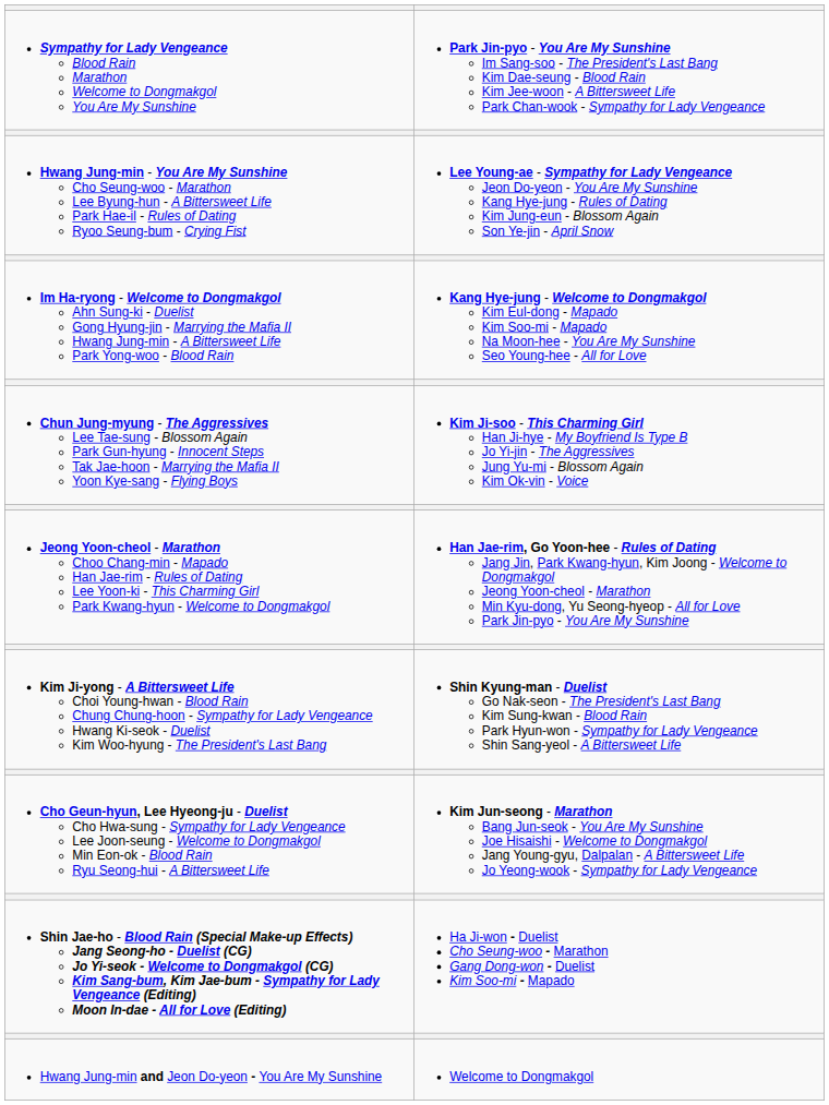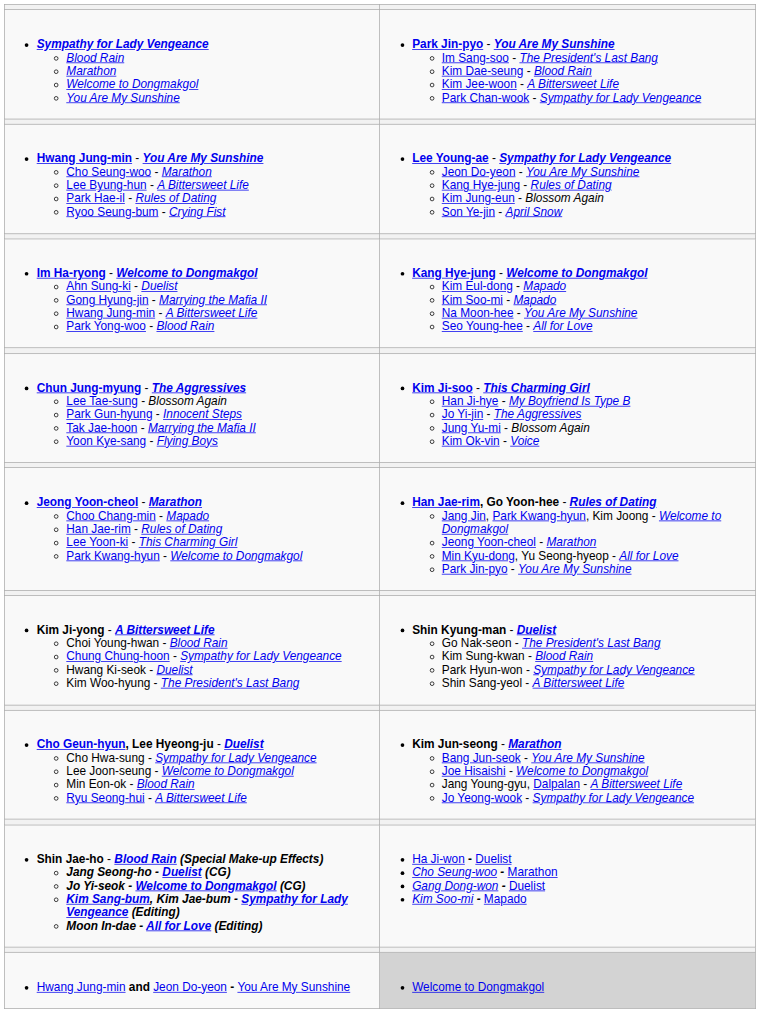 <table class=wikitable>
 <tr>
 <th style="width:500px;"></th>
 <th style="width:500px;"></th>
 </tr>
 <tr>
 <td valign="top"><br><ul><li><strong><em><a href='#'>Sympathy for Lady Vengeance</a></em></strong><ul><li><em><a href='#'>Blood Rain</a></em></li><li><em><a href='#'>Marathon</a></em></li><li><em><a href='#'>Welcome to Dongmakgol</a></em></li><li><em><a href='#'>You Are My Sunshine</a></em></li></ul></li></ul></td>
 <td valign="top"><br><ul><li><strong><a href='#'>Park Jin-pyo</a></strong> - <strong><em><a href='#'>You Are My Sunshine</a></em></strong><ul><li><a href='#'>Im Sang-soo</a> - <em><a href='#'>The President's Last Bang</a></em></li><li><a href='#'>Kim Dae-seung</a> - <em><a href='#'>Blood Rain</a></em></li><li><a href='#'>Kim Jee-woon</a> - <em><a href='#'>A Bittersweet Life</a></em></li><li><a href='#'>Park Chan-wook</a> - <em><a href='#'>Sympathy for Lady Vengeance</a></em></li></ul></li></ul></td>
 </tr>
 <tr>
 <th></th>
 <th></th>
 </tr>
 <tr>
 <td valign="top"><br><ul><li><strong><a href='#'>Hwang Jung-min</a></strong> - <strong><em><a href='#'>You Are My Sunshine</a></em></strong><ul><li><a href='#'>Cho Seung-woo</a> - <em><a href='#'>Marathon</a></em></li><li><a href='#'>Lee Byung-hun</a> - <em><a href='#'>A Bittersweet Life</a></em></li><li><a href='#'>Park Hae-il</a> - <em><a href='#'>Rules of Dating</a></em></li><li><a href='#'>Ryoo Seung-bum</a> - <em><a href='#'>Crying Fist</a></em></li></ul></li></ul></td>
 <td valign="top"><br><ul><li><strong><a href='#'>Lee Young-ae</a></strong> - <strong><em><a href='#'>Sympathy for Lady Vengeance</a></em></strong><ul><li><a href='#'>Jeon Do-yeon</a> - <em><a href='#'>You Are My Sunshine</a></em></li><li><a href='#'>Kang Hye-jung</a> - <em><a href='#'>Rules of Dating</a></em></li><li><a href='#'>Kim Jung-eun</a> - <em>Blossom Again</em></li><li><a href='#'>Son Ye-jin</a> - <em><a href='#'>April Snow</a></em></li></ul></li></ul></td>
 </tr>
 <tr>
 <th></th>
 <th></th>
 </tr>
 <tr>
 <td valign="top"><br><ul><li><strong><a href='#'>Im Ha-ryong</a></strong> - <strong><em><a href='#'>Welcome to Dongmakgol</a></em></strong><ul><li><a href='#'>Ahn Sung-ki</a> - <em><a href='#'>Duelist</a></em></li><li><a href='#'>Gong Hyung-jin</a> - <em><a href='#'>Marrying the Mafia II</a></em></li><li><a href='#'>Hwang Jung-min</a> - <em><a href='#'>A Bittersweet Life</a></em></li><li><a href='#'>Park Yong-woo</a> - <em><a href='#'>Blood Rain</a></em></li></ul></li></ul></td>
 <td valign="top"><br><ul><li><strong><a href='#'>Kang Hye-jung</a></strong> - <strong><em><a href='#'>Welcome to Dongmakgol</a></em></strong><ul><li><a href='#'>Kim Eul-dong</a> - <em><a href='#'>Mapado</a></em></li><li><a href='#'>Kim Soo-mi</a> - <em><a href='#'>Mapado</a></em></li><li><a href='#'>Na Moon-hee</a> - <em><a href='#'>You Are My Sunshine</a></em></li><li><a href='#'>Seo Young-hee</a> - <em><a href='#'>All for Love</a></em></li></ul></li></ul></td>
 </tr>
 <tr>
 <th></th>
 <th></th>
 </tr>
 <tr>
 <td valign="top"><br><ul><li><strong><a href='#'>Chun Jung-myung</a></strong> - <strong><em><a href='#'>The Aggressives</a></em></strong><ul><li><a href='#'>Lee Tae-sung</a> - <em>Blossom Again</em></li><li><a href='#'>Park Gun-hyung</a> - <em><a href='#'>Innocent Steps</a></em></li><li><a href='#'>Tak Jae-hoon</a> - <em><a href='#'>Marrying the Mafia II</a></em></li><li><a href='#'>Yoon Kye-sang</a> - <em><a href='#'>Flying Boys</a></em></li></ul></li></ul></td>
 <td valign="top"><br><ul><li><strong><a href='#'>Kim Ji-soo</a></strong> - <strong><em><a href='#'>This Charming Girl</a></em></strong><ul><li><a href='#'>Han Ji-hye</a> - <em><a href='#'>My Boyfriend Is Type B</a></em></li><li><a href='#'>Jo Yi-jin</a> - <em><a href='#'>The Aggressives</a></em></li><li><a href='#'>Jung Yu-mi</a> - <em>Blossom Again</em></li><li><a href='#'>Kim Ok-vin</a> - <em><a href='#'>Voice</a></em></li></ul></li></ul></td>
 </tr>
 <tr>
 <th></th>
 <th></th>
 </tr>
 <tr>
 <td valign="top"><br><ul><li><strong><a href='#'>Jeong Yoon-cheol</a></strong>  - <strong><em><a href='#'>Marathon</a></em></strong><ul><li><a href='#'>Choo Chang-min</a> - <em><a href='#'>Mapado</a></em></li><li><a href='#'>Han Jae-rim</a> - <em><a href='#'>Rules of Dating</a></em></li><li><a href='#'>Lee Yoon-ki</a> - <em><a href='#'>This Charming Girl</a></em></li><li><a href='#'>Park Kwang-hyun</a> - <em><a href='#'>Welcome to Dongmakgol</a></em></li></ul></li></ul></td>
 <td valign="top"><br><ul><li><strong><a href='#'>Han Jae-rim</a>, Go Yoon-hee</strong> - <strong><em><a href='#'>Rules of Dating</a></em></strong><ul><li><a href='#'>Jang Jin</a>, <a href='#'>Park Kwang-hyun</a>, Kim Joong - <em><a href='#'>Welcome to Dongmakgol</a></em></li><li><a href='#'>Jeong Yoon-cheol</a> - <em><a href='#'>Marathon</a></em></li><li><a href='#'>Min Kyu-dong</a>, Yu Seong-hyeop - <em><a href='#'>All for Love</a></em></li><li><a href='#'>Park Jin-pyo</a> - <em><a href='#'>You Are My Sunshine</a></em></li></ul></li></ul></td>
 </tr>
 <tr>
 <th></th>
 <th></th>
 </tr>
 <tr>
 <td valign="top"><br><ul><li><strong>Kim Ji-yong</strong> - <strong><em><a href='#'>A Bittersweet Life</a></em></strong><ul><li>Choi Young-hwan - <em><a href='#'>Blood Rain</a></em></li><li><a href='#'>Chung Chung-hoon</a> - <em><a href='#'>Sympathy for Lady Vengeance</a></em></li><li>Hwang Ki-seok - <em><a href='#'>Duelist</a></em></li><li>Kim Woo-hyung - <em><a href='#'>The President's Last Bang</a></em></li></ul></li></ul></td>
 <td valign="top"><br><ul><li><strong>Shin Kyung-man</strong> - <strong><em><a href='#'>Duelist</a></em></strong><ul><li>Go Nak-seon - <em><a href='#'>The President's Last Bang</a></em></li><li>Kim Sung-kwan - <em><a href='#'>Blood Rain</a></em></li><li>Park Hyun-won - <em><a href='#'>Sympathy for Lady Vengeance</a></em></li><li>Shin Sang-yeol - <em><a href='#'>A Bittersweet Life</a></em></li></ul></li></ul></td>
 </tr>
 <tr>
 <th></th>
 <th></th>
 </tr>
 <tr>
 <td valign="top"><br><ul><li><strong><a href='#'>Cho Geun-hyun</a>, Lee Hyeong-ju</strong> - <strong><em><a href='#'>Duelist</a></em></strong><ul><li>Cho Hwa-sung - <em><a href='#'>Sympathy for Lady Vengeance</a></em></li><li>Lee Joon-seung - <em><a href='#'>Welcome to Dongmakgol</a></em></li><li>Min Eon-ok - <em><a href='#'>Blood Rain</a></em></li><li><a href='#'>Ryu Seong-hui</a> - <em><a href='#'>A Bittersweet Life</a></em></li></ul></li></ul></td>
 <td valign="top"><br><ul><li><strong>Kim Jun-seong</strong> - <strong><em><a href='#'>Marathon</a></em></strong><ul><li><a href='#'>Bang Jun-seok</a> - <em><a href='#'>You Are My Sunshine</a></em></li><li><a href='#'>Joe Hisaishi</a> - <em><a href='#'>Welcome to Dongmakgol</a></em></li><li>Jang Young-gyu, <a href='#'>Dalpalan</a> - <em><a href='#'>A Bittersweet Life</a></em></li><li><a href='#'>Jo Yeong-wook</a> - <em><a href='#'>Sympathy for Lady Vengeance</a></em></li></ul></li></ul></td>
 </tr>
 <tr>
 <th></th>
 <th></th>
 </tr>
 <tr>
 <td valign="top"><br><ul><li><strong>Shin Jae-ho</strong> - <strong><em><a href='#'>Blood Rain</a><em> (Special Make-up Effects)<strong><ul><li>Jang Seong-ho - </em><a href='#'>Duelist</a><em> (CG)</li><li>Jo Yi-seok - </em><a href='#'>Welcome to Dongmakgol</a><em> (CG)</li><li><a href='#'>Kim Sang-bum</a>, Kim Jae-bum - </em><a href='#'>Sympathy for Lady Vengeance</a><em> (Editing)</li><li>Moon In-dae - </em><a href='#'>All for Love</a><em> (Editing)</li></ul></li></ul></td>
 <td valign="top"><br><ul><li></strong><a href='#'>Ha Ji-won</a><strong> - </em></strong><a href='#'>Duelist</a><strong><em></li><li></strong><a href='#'>Cho Seung-woo</a><strong> - </em></strong><a href='#'>Marathon</a><strong><em></li><li></strong><a href='#'>Gang Dong-won</a><strong> - </em></strong><a href='#'>Duelist</a><strong><em></li><li></strong><a href='#'>Kim Soo-mi</a><strong> - </em></strong><a href='#'>Mapado</a><strong><em></li></ul></td>
 </tr>
 <tr>
 <th></th>
 <th></th>
 </tr>
 <tr>
 <td valign="top"><br><ul><li></strong><a href='#'>Hwang Jung-min</a><strong> and </strong><a href='#'>Jeon Do-yeon</a><strong> - </em></strong><a href='#'>You Are My Sunshine</a><strong><em></li></ul></td>
-<td valign="top"><br><ul><li></em></strong><a href='#'>Welcome to Dongmakgol</a><strong><em></li></ul></td>
+<td valign="top" style="background: lightgrey;"><br><ul><li></em></strong><a href='#'>Welcome to Dongmakgol</a><strong><em></li></ul></td>
 </tr>
 </table>
